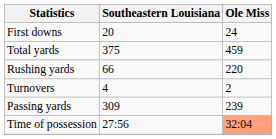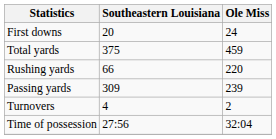 <table class="wikitable">
 <tr>
 <th>Statistics</th>
 <th>Southeastern Louisiana</th>
 <th>Ole Miss</th>
 </tr>
 <tr>
 <td>First downs</td>
 <td>20</td>
 <td>24</td>
 </tr>
 <tr>
 <td>Total yards</td>
 <td>375</td>
 <td>459</td>
 </tr>
 <tr>
 <td>Rushing yards</td>
 <td>66</td>
 <td>220</td>
 </tr>
 <tr>
+<td>Passing yards</td>
+<td>309</td>
+<td>239</td>
+</tr>
+<tr>
 <td>Turnovers</td>
 <td>4</td>
 <td>2</td>
 </tr>
 <tr>
-<td>Passing yards</td>
-<td>309</td>
-<td>239</td>
-</tr>
-<tr>
 <td>Time of possession</td>
 <td>27:56</td>
-<td style="background: lightsalmon;">32:04</td>
+<td>32:04</td>
 </tr>
 <tr>
 </tr>
 </table>
